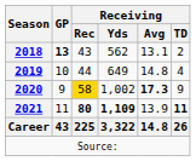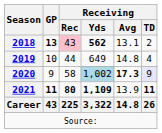 <table class="wikitable" style="text-align:center;">
 <tr>
 <th rowspan="2">Season</th>
 <th rowspan="2">GP</th>
 <th colspan="4">Receiving</th>
 </tr>
 <tr>
 <th>Rec</th>
 <th>Yds</th>
 <th>Avg</th>
 <th>TD</th>
 </tr>
 <tr>
 <th><a href='#'>2018</a></th>
 <td><strong>13</strong></td>
-<td>43</td>
-<td>562</td>
+<td style="background: pink;">43</td>
+<td><strong>562</strong></td>
 <td>13.1</td>
 <td>2</td>
 </tr>
 <tr>
 <th><a href='#'>2019</a></th>
 <td>10</td>
 <td>44</td>
 <td>649</td>
 <td>14.8</td>
 <td>4</td>
 </tr>
 <tr>
 <th><a href='#'>2020</a></th>
 <td>9</td>
-<td style="background: gold;">58</td>
-<td>1,002</td>
+<td>58</td>
+<td style="background: lightblue;">1,002</td>
 <td><strong>17.3</strong></td>
-<td>9</td>
+<td style="background: lavender;">9</td>
 </tr>
 <tr>
 <th><a href='#'>2021</a></th>
-<td>11</td>
+<td><strong>11</strong></td>
 <td><strong>80</strong></td>
 <td><strong>1,109</strong></td>
 <td>13.9</td>
 <td><strong>11</strong></td>
 </tr>
 <tr>
 <th>Career</th>
 <th>43</th>
 <th>225</th>
 <th>3,322</th>
 <th>14.8</th>
 <th>26</th>
 </tr>
 <tr>
 <td colspan="6"><small>Source: </small></td>
 </tr>
 </table>
